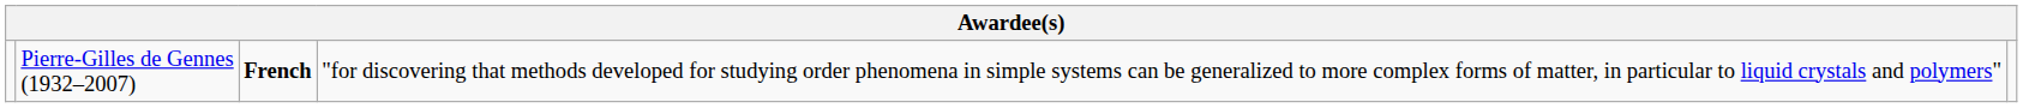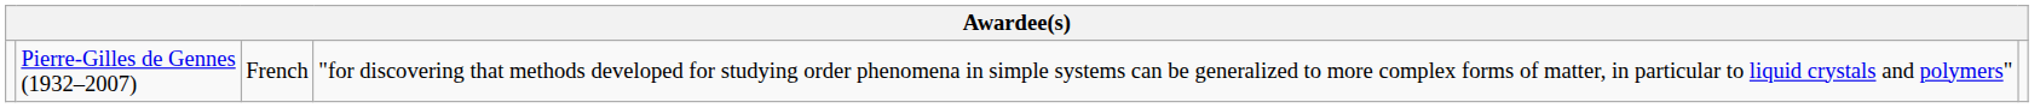 <table class="wikitable">
 <tr>
 <th colspan="5">Awardee(s)</th>
 </tr>
 <tr>
 <td></td>
 <td><a href='#'>Pierre-Gilles de Gennes</a><br>(1932–2007)</td>
-<td><strong> French</strong></td>
+<td> French</td>
 <td>"for discovering that methods developed for studying order phenomena in simple systems can be generalized to more complex forms of matter, in particular to <a href='#'>liquid crystals</a> and <a href='#'>polymers</a>"</td>
 <td></td>
 </tr>
 </table>
